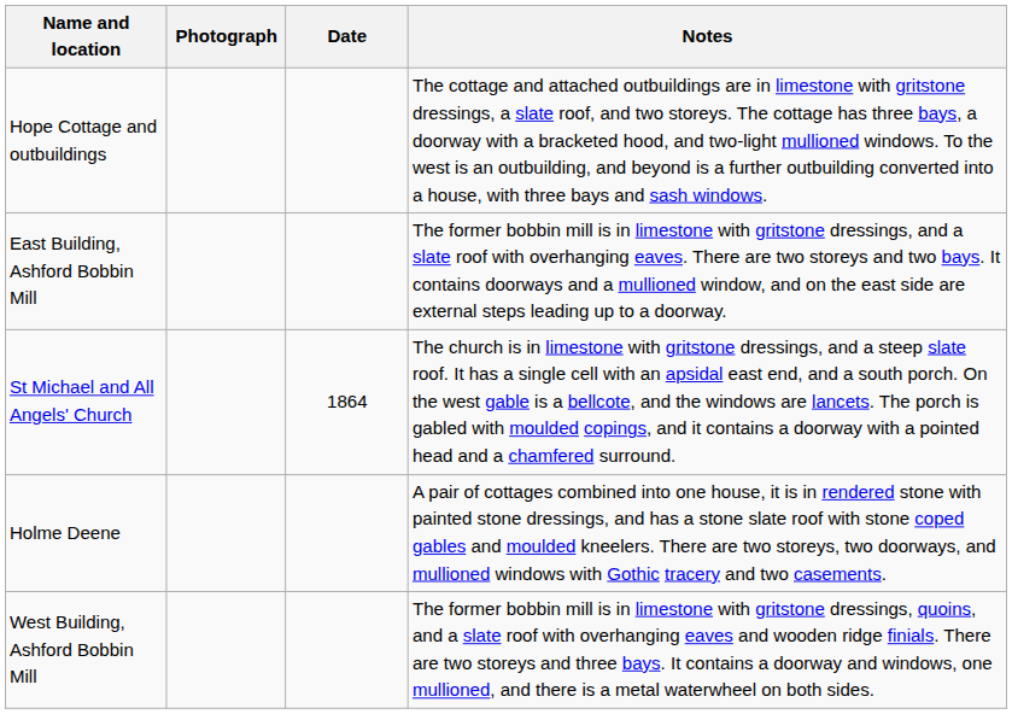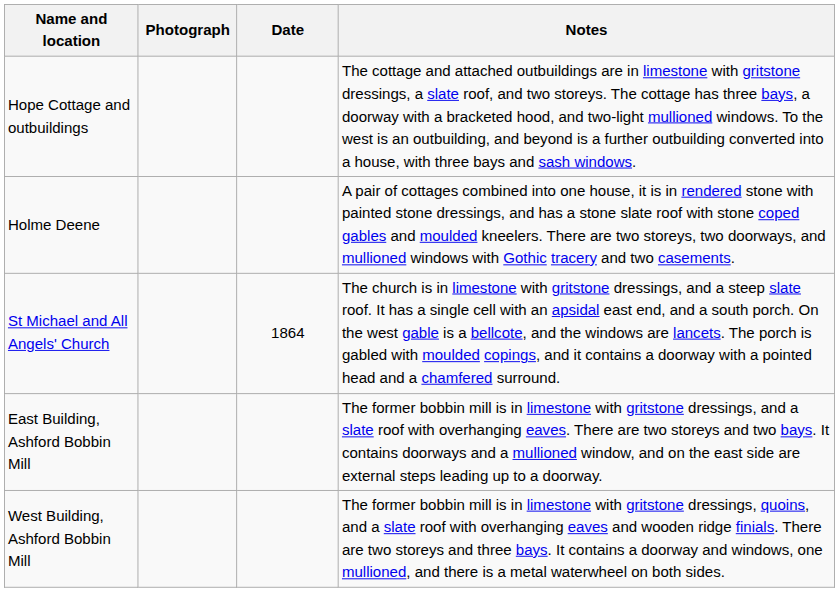 <table class="wikitable sortable plainrowheaders" style="width:100%;border:0px;text-align:left;line-height:150%;">
 <tr>
 <th scope="col"  style="width:150px">Name and location</th>
 <th scope="col"  style="width:100px" class="unsortable">Photograph</th>
 <th scope="col"  style="width:120px">Date</th>
 <th scope="col"  style="width:650px" class="unsortable">Notes</th>
 </tr>
 <tr>
 <td>Hope Cottage and outbuildings<br><small></small></td>
 <td></td>
 <td align="center"></td>
 <td>The cottage and attached outbuildings are in <a href='#'>limestone</a> with <a href='#'>gritstone</a> dressings, a <a href='#'>slate</a> roof, and two storeys.  The cottage has three <a href='#'>bays</a>, a doorway with a bracketed hood, and two-light <a href='#'>mullioned</a> windows.  To the west is an outbuilding, and beyond is a further outbuilding converted into a house, with three bays and <a href='#'>sash windows</a>.</td>
 </tr>
 <tr>
-<td>East Building, Ashford Bobbin Mill<br><small></small></td>
+<td>Holme Deene<br><small></small></td>
 <td></td>
 <td align="center"></td>
-<td>The former bobbin mill is in <a href='#'>limestone</a> with <a href='#'>gritstone</a> dressings, and a <a href='#'>slate</a> roof with overhanging <a href='#'>eaves</a>.  There are two storeys and two <a href='#'>bays</a>.  It contains doorways and a <a href='#'>mullioned</a> window, and on the east side are external steps leading up to a doorway.</td>
+<td>A pair of cottages combined into one house, it is in <a href='#'>rendered</a> stone with painted stone dressings, and has a stone slate roof with stone <a href='#'>coped</a> <a href='#'>gables</a> and <a href='#'>moulded</a> kneelers.  There are two storeys, two doorways, and <a href='#'>mullioned</a> windows with <a href='#'>Gothic</a> <a href='#'>tracery</a> and two <a href='#'>casements</a>.</td>
 </tr>
 <tr>
 <td><a href='#'>St Michael and All Angels' Church</a><br><small></small></td>
 <td></td>
 <td align="center">1864</td>
 <td>The church is in <a href='#'>limestone</a> with <a href='#'>gritstone</a> dressings, and a steep <a href='#'>slate</a> roof.  It has a single cell with an <a href='#'>apsidal</a> east end, and a south porch.  On the west <a href='#'>gable</a> is a <a href='#'>bellcote</a>, and the windows are <a href='#'>lancets</a>.  The porch is gabled with <a href='#'>moulded</a> <a href='#'>copings</a>, and it contains a doorway with a pointed head and a <a href='#'>chamfered</a> surround.</td>
 </tr>
 <tr>
-<td>Holme Deene<br><small></small></td>
+<td>East Building, Ashford Bobbin Mill<br><small></small></td>
 <td></td>
 <td align="center"></td>
-<td>A pair of cottages combined into one house, it is in <a href='#'>rendered</a> stone with painted stone dressings, and has a stone slate roof with stone <a href='#'>coped</a> <a href='#'>gables</a> and <a href='#'>moulded</a> kneelers.  There are two storeys, two doorways, and <a href='#'>mullioned</a> windows with <a href='#'>Gothic</a> <a href='#'>tracery</a> and two <a href='#'>casements</a>.</td>
+<td>The former bobbin mill is in <a href='#'>limestone</a> with <a href='#'>gritstone</a> dressings, and a <a href='#'>slate</a> roof with overhanging <a href='#'>eaves</a>.  There are two storeys and two <a href='#'>bays</a>.  It contains doorways and a <a href='#'>mullioned</a> window, and on the east side are external steps leading up to a doorway.</td>
 </tr>
 <tr>
 <td>West Building, Ashford Bobbin Mill<br><small></small></td>
 <td></td>
 <td align="center"></td>
 <td>The former bobbin mill is in <a href='#'>limestone</a> with <a href='#'>gritstone</a> dressings, <a href='#'>quoins</a>, and a <a href='#'>slate</a> roof with overhanging <a href='#'>eaves</a> and wooden ridge <a href='#'>finials</a>.  There are two storeys and three <a href='#'>bays</a>.  It contains a doorway and windows, one <a href='#'>mullioned</a>, and there is a metal waterwheel on both sides.</td>
 </tr>
 <tr>
 </tr>
 </table>
